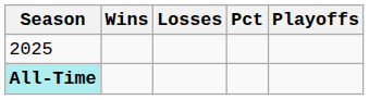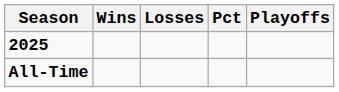 <table class="wikitable">
 <tr>
 <th>Season</th>
 <th>Wins</th>
 <th>Losses</th>
 <th>Pct</th>
 <th>Playoffs</th>
 </tr>
 <tr>
-<td>2025</td>
+<td><strong>2025</strong></td>
 <td></td>
 <td></td>
 <td></td>
 </tr>
 <tr>
-<td style="background: paleturquoise;"><strong>All-Time</strong></td>
+<td><strong>All-Time</strong></td>
 <td></td>
 <td></td>
 <td></td>
 <td></td>
 </tr>
 </table>
